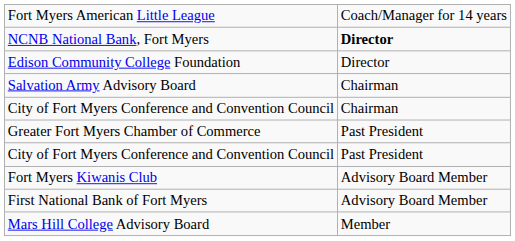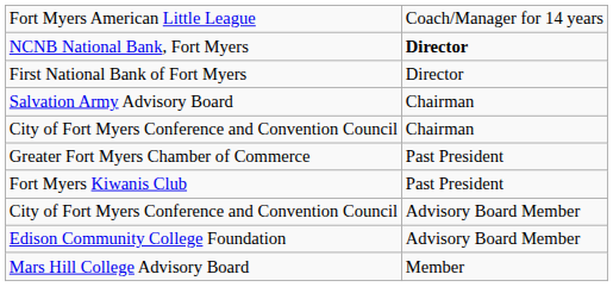 <table class="wikitable">
 <tr>
 <td>Fort Myers American <a href='#'>Little League</a></td>
 <td>Coach/Manager for 14 years</td>
 </tr>
 <tr>
 <td><a href='#'>NCNB National Bank</a>, Fort Myers</td>
 <td><strong>Director</strong></td>
 </tr>
 <tr>
-<td><a href='#'>Edison Community College</a> Foundation</td>
+<td>First National Bank of Fort Myers</td>
 <td>Director</td>
 </tr>
 <tr>
 <td><a href='#'>Salvation Army</a> Advisory Board</td>
 <td>Chairman</td>
 </tr>
 <tr>
 <td>City of Fort Myers Conference and Convention Council</td>
 <td>Chairman</td>
 </tr>
 <tr>
 <td>Greater Fort Myers Chamber of Commerce</td>
 <td>Past President</td>
 </tr>
 <tr>
-<td>City of Fort Myers Conference and Convention Council</td>
+<td>Fort Myers <a href='#'>Kiwanis Club</a></td>
 <td>Past President</td>
 </tr>
 <tr>
-<td>Fort Myers <a href='#'>Kiwanis Club</a></td>
+<td>City of Fort Myers Conference and Convention Council</td>
 <td>Advisory Board Member</td>
 </tr>
 <tr>
-<td>First National Bank of Fort Myers</td>
+<td><a href='#'>Edison Community College</a> Foundation</td>
 <td>Advisory Board Member</td>
 </tr>
 <tr>
 <td><a href='#'>Mars Hill College</a> Advisory Board</td>
 <td>Member</td>
 </tr>
 </table>
